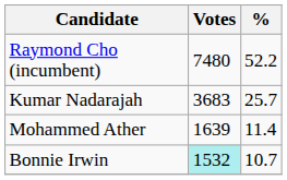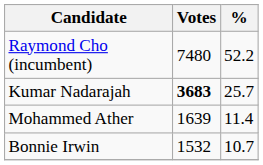 <table class="wikitable">
 <tr>
 <th bgcolor="#DDDDFF" width="150px">Candidate</th>
 <th bgcolor="#DDDDFF">Votes</th>
 <th bgcolor="#DDDDFF">%</th>
 </tr>
 <tr>
 <td><a href='#'>Raymond Cho</a> (incumbent)</td>
 <td>7480</td>
 <td>52.2</td>
 </tr>
 <tr>
 <td>Kumar Nadarajah</td>
-<td>3683</td>
+<td><strong>3683</strong></td>
 <td>25.7</td>
 </tr>
 <tr>
 <td>Mohammed Ather</td>
 <td>1639</td>
 <td>11.4</td>
 </tr>
 <tr>
 <td>Bonnie Irwin</td>
-<td style="background: paleturquoise;">1532</td>
+<td>1532</td>
 <td>10.7</td>
 </tr>
 <tr>
 </tr>
 </table>
